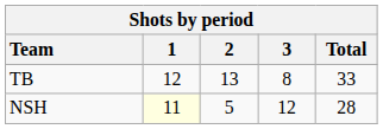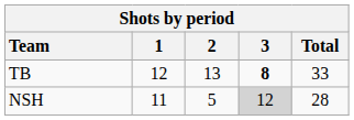 <table class="wikitable" style="width:20em; text-align:right;">
 <tr>
 <th colspan=6>Shots by period</th>
 </tr>
 <tr>
 <th style="width:8em; text-align:left;">Team</th>
 <th style="width:3em;">1</th>
 <th style="width:3em;">2</th>
 <th style="width:3em;">3</th>
 <th style="width:3em;">Total</th>
 </tr>
 <tr>
 <td style="text-align:left;">TB</td>
 <td align=center>12</td>
 <td align=center>13</td>
-<td align=center>8</td>
+<td align=center><strong>8</strong></td>
 <td align=center>33</td>
 </tr>
 <tr>
 <td style="text-align:left;">NSH</td>
-<td align=center style="background: lightyellow;">11</td>
+<td align=center>11</td>
 <td align=center>5</td>
-<td align=center>12</td>
+<td align=center style="background: lightgrey;">12</td>
 <td align=center>28</td>
 </tr>
 </table>
